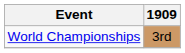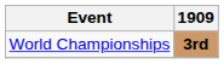 <table class="wikitable">
 <tr>
 <th>Event</th>
 <th>1909</th>
 </tr>
 <tr>
 <td><a href='#'>World Championships</a></td>
-<td align="center" bgcolor="cc9966">3rd</td>
+<td align="center" bgcolor="cc9966"><strong>3rd</strong></td>
 </tr>
 <tr>
 </tr>
 </table>
